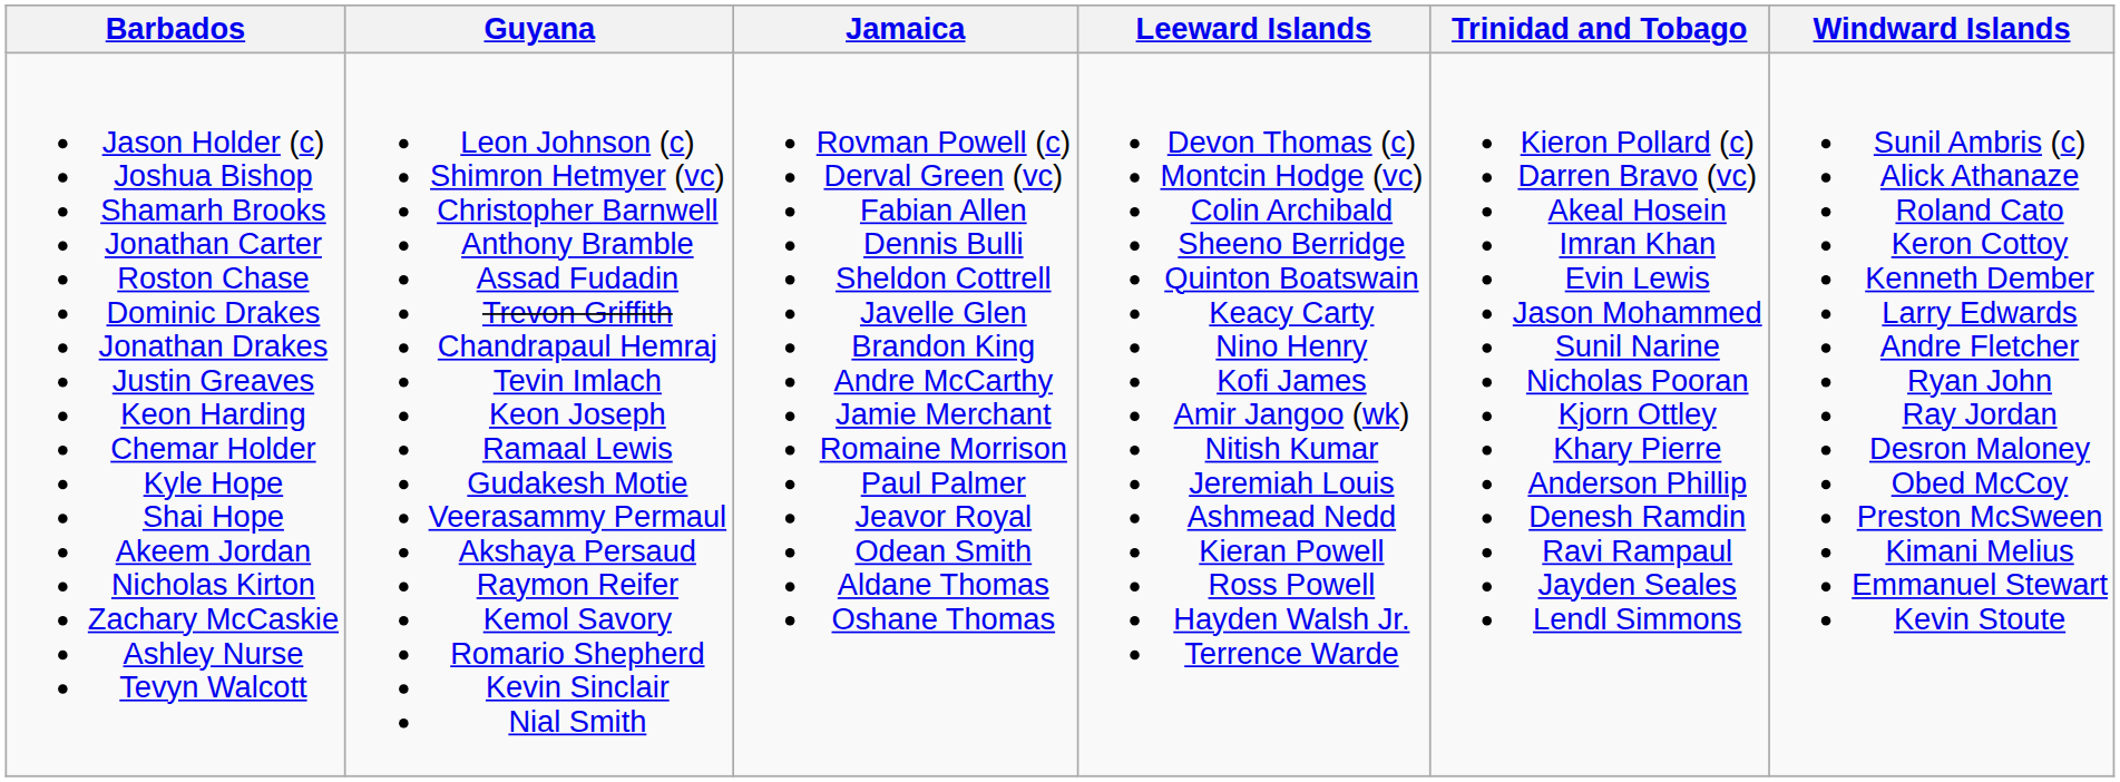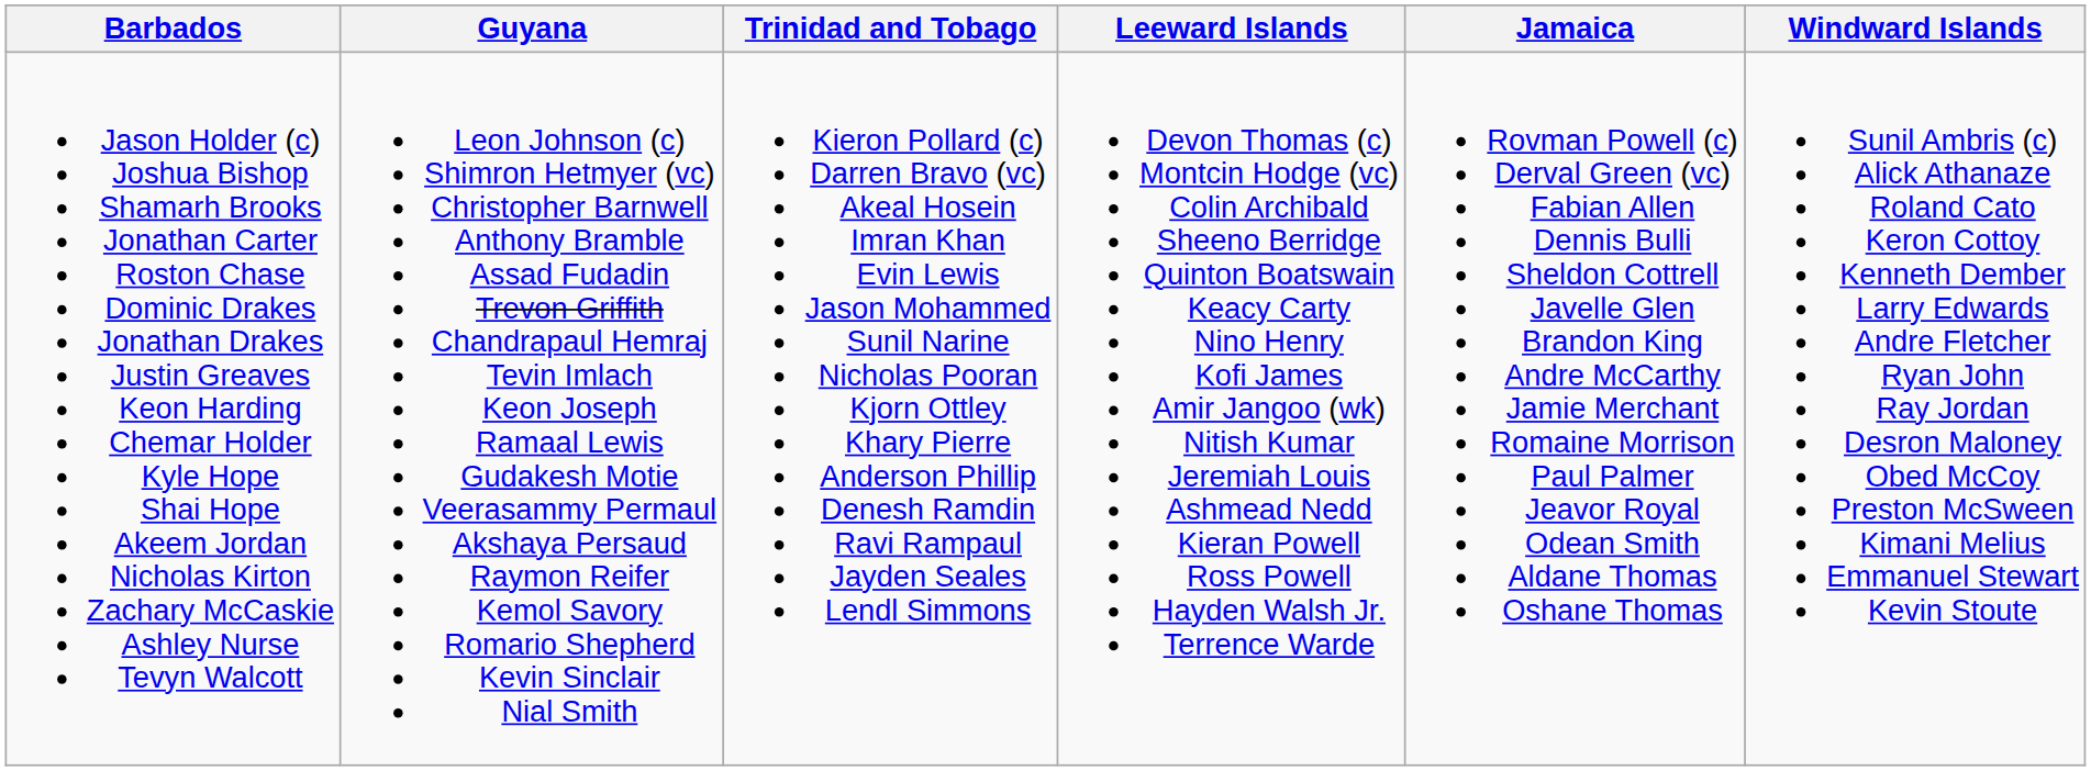 <table class="wikitable" style="text-align:center; margin:auto">
 <tr>
 <th><a href='#'>Barbados</a></th>
 <th><a href='#'>Guyana</a></th>
+<th><a href='#'>Trinidad and Tobago</a></th>
+<th><a href='#'>Leeward Islands</a></th>
 <th><a href='#'>Jamaica</a></th>
-<th><a href='#'>Leeward Islands</a></th>
-<th><a href='#'>Trinidad and Tobago</a></th>
 <th><a href='#'>Windward Islands</a></th>
 </tr>
 <tr style="vertical-align:top">
 <td><br><ul><li><a href='#'>Jason Holder</a> (<a href='#'>c</a>)</li><li><a href='#'>Joshua Bishop</a></li><li><a href='#'>Shamarh Brooks</a></li><li><a href='#'>Jonathan Carter</a></li><li><a href='#'>Roston Chase</a></li><li><a href='#'>Dominic Drakes</a></li><li><a href='#'>Jonathan Drakes</a></li><li><a href='#'>Justin Greaves</a></li><li><a href='#'>Keon Harding</a></li><li><a href='#'>Chemar Holder</a></li><li><a href='#'>Kyle Hope</a></li><li><a href='#'>Shai Hope</a></li><li><a href='#'>Akeem Jordan</a></li><li><a href='#'>Nicholas Kirton</a></li><li><a href='#'>Zachary McCaskie</a></li><li><a href='#'>Ashley Nurse</a></li><li><a href='#'>Tevyn Walcott</a></li></ul></td>
 <td><br><ul><li><a href='#'>Leon Johnson</a> (<a href='#'>c</a>)</li><li><a href='#'>Shimron Hetmyer</a> (<a href='#'>vc</a>)</li><li><a href='#'>Christopher Barnwell</a></li><li><a href='#'>Anthony Bramble</a></li><li><a href='#'>Assad Fudadin</a></li><li><s><a href='#'>Trevon Griffith</a></s></li><li><a href='#'>Chandrapaul Hemraj</a></li><li><a href='#'>Tevin Imlach</a></li><li><a href='#'>Keon Joseph</a></li><li><a href='#'>Ramaal Lewis</a></li><li><a href='#'>Gudakesh Motie</a></li><li><a href='#'>Veerasammy Permaul</a></li><li><a href='#'>Akshaya Persaud</a></li><li><a href='#'>Raymon Reifer</a></li><li><a href='#'>Kemol Savory</a></li><li><a href='#'>Romario Shepherd</a></li><li><a href='#'>Kevin Sinclair</a></li><li><a href='#'>Nial Smith</a></li></ul></td>
+<td><br><ul><li><a href='#'>Kieron Pollard</a> (<a href='#'>c</a>)</li><li><a href='#'>Darren Bravo</a> (<a href='#'>vc</a>)</li><li><a href='#'>Akeal Hosein</a></li><li><a href='#'>Imran Khan</a></li><li><a href='#'>Evin Lewis</a></li><li><a href='#'>Jason Mohammed</a></li><li><a href='#'>Sunil Narine</a></li><li><a href='#'>Nicholas Pooran</a></li><li><a href='#'>Kjorn Ottley</a></li><li><a href='#'>Khary Pierre</a></li><li><a href='#'>Anderson Phillip</a></li><li><a href='#'>Denesh Ramdin</a></li><li><a href='#'>Ravi Rampaul</a></li><li><a href='#'>Jayden Seales</a></li><li><a href='#'>Lendl Simmons</a></li></ul></td>
+<td><br><ul><li><a href='#'>Devon Thomas</a> (<a href='#'>c</a>)</li><li><a href='#'>Montcin Hodge</a> (<a href='#'>vc</a>)</li><li><a href='#'>Colin Archibald</a></li><li><a href='#'>Sheeno Berridge</a></li><li><a href='#'>Quinton Boatswain</a></li><li><a href='#'>Keacy Carty</a></li><li><a href='#'>Nino Henry</a></li><li><a href='#'>Kofi James</a></li><li><a href='#'>Amir Jangoo</a> (<a href='#'>wk</a>)</li><li><a href='#'>Nitish Kumar</a></li><li><a href='#'>Jeremiah Louis</a></li><li><a href='#'>Ashmead Nedd</a></li><li><a href='#'>Kieran Powell</a></li><li><a href='#'>Ross Powell</a></li><li><a href='#'>Hayden Walsh Jr.</a></li><li><a href='#'>Terrence Warde</a></li></ul></td>
 <td><br><ul><li><a href='#'>Rovman Powell</a> (<a href='#'>c</a>)</li><li><a href='#'>Derval Green</a> (<a href='#'>vc</a>)</li><li><a href='#'>Fabian Allen</a></li><li><a href='#'>Dennis Bulli</a></li><li><a href='#'>Sheldon Cottrell</a></li><li><a href='#'>Javelle Glen</a></li><li><a href='#'>Brandon King</a></li><li><a href='#'>Andre McCarthy</a></li><li><a href='#'>Jamie Merchant</a></li><li><a href='#'>Romaine Morrison</a></li><li><a href='#'>Paul Palmer</a></li><li><a href='#'>Jeavor Royal</a></li><li><a href='#'>Odean Smith</a></li><li><a href='#'>Aldane Thomas</a></li><li><a href='#'>Oshane Thomas</a></li></ul></td>
-<td><br><ul><li><a href='#'>Devon Thomas</a> (<a href='#'>c</a>)</li><li><a href='#'>Montcin Hodge</a> (<a href='#'>vc</a>)</li><li><a href='#'>Colin Archibald</a></li><li><a href='#'>Sheeno Berridge</a></li><li><a href='#'>Quinton Boatswain</a></li><li><a href='#'>Keacy Carty</a></li><li><a href='#'>Nino Henry</a></li><li><a href='#'>Kofi James</a></li><li><a href='#'>Amir Jangoo</a> (<a href='#'>wk</a>)</li><li><a href='#'>Nitish Kumar</a></li><li><a href='#'>Jeremiah Louis</a></li><li><a href='#'>Ashmead Nedd</a></li><li><a href='#'>Kieran Powell</a></li><li><a href='#'>Ross Powell</a></li><li><a href='#'>Hayden Walsh Jr.</a></li><li><a href='#'>Terrence Warde</a></li></ul></td>
-<td><br><ul><li><a href='#'>Kieron Pollard</a> (<a href='#'>c</a>)</li><li><a href='#'>Darren Bravo</a> (<a href='#'>vc</a>)</li><li><a href='#'>Akeal Hosein</a></li><li><a href='#'>Imran Khan</a></li><li><a href='#'>Evin Lewis</a></li><li><a href='#'>Jason Mohammed</a></li><li><a href='#'>Sunil Narine</a></li><li><a href='#'>Nicholas Pooran</a></li><li><a href='#'>Kjorn Ottley</a></li><li><a href='#'>Khary Pierre</a></li><li><a href='#'>Anderson Phillip</a></li><li><a href='#'>Denesh Ramdin</a></li><li><a href='#'>Ravi Rampaul</a></li><li><a href='#'>Jayden Seales</a></li><li><a href='#'>Lendl Simmons</a></li></ul></td>
 <td><br><ul><li><a href='#'>Sunil Ambris</a> (<a href='#'>c</a>)</li><li><a href='#'>Alick Athanaze</a></li><li><a href='#'>Roland Cato</a></li><li><a href='#'>Keron Cottoy</a></li><li><a href='#'>Kenneth Dember</a></li><li><a href='#'>Larry Edwards</a></li><li><a href='#'>Andre Fletcher</a></li><li><a href='#'>Ryan John</a></li><li><a href='#'>Ray Jordan</a></li><li><a href='#'>Desron Maloney</a></li><li><a href='#'>Obed McCoy</a></li><li><a href='#'>Preston McSween</a></li><li><a href='#'>Kimani Melius</a></li><li><a href='#'>Emmanuel Stewart</a></li><li><a href='#'>Kevin Stoute</a></li></ul></td>
 </tr>
 </table>
